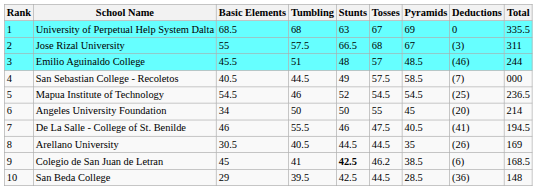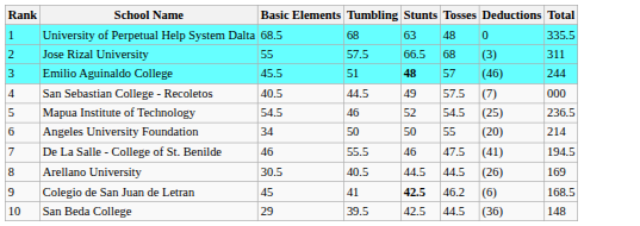 <table class="wikitable" style="text align: center">
 <tr bgcolor="#efefef">
 <th>Rank</th>
 <th>School Name</th>
 <th>Basic Elements</th>
 <th>Tumbling</th>
 <th>Stunts</th>
 <th>Tosses</th>
-<th>Pyramids</th>
 <th>Deductions</th>
 <th>Total</th>
 </tr>
 <tr bgcolor="66FFFF">
 <td>1</td>
 <td>University of Perpetual Help System Dalta</td>
 <td>68.5</td>
 <td>68</td>
 <td>63</td>
-<td>67</td>
-<td>69</td>
+<td>48</td>
 <td>0</td>
 <td>335.5</td>
 </tr>
 <tr bgcolor="66FFFF">
 <td>2</td>
 <td>Jose Rizal University</td>
 <td>55</td>
 <td>57.5</td>
 <td>66.5</td>
 <td>68</td>
-<td>67</td>
 <td>(3)</td>
 <td>311</td>
 </tr>
 <tr bgcolor="66FFFF">
 <td>3</td>
 <td>Emilio Aguinaldo College</td>
 <td>45.5</td>
 <td>51</td>
-<td>48</td>
+<td><strong>48</strong></td>
 <td>57</td>
-<td>48.5</td>
 <td>(46)</td>
 <td>244</td>
 </tr>
 <tr>
 <td>4</td>
 <td>San Sebastian College - Recoletos</td>
 <td>40.5</td>
 <td>44.5</td>
 <td>49</td>
 <td>57.5</td>
-<td>58.5</td>
 <td>(7)</td>
 <td>000</td>
 </tr>
 <tr>
 <td>5</td>
 <td>Mapua Institute of Technology</td>
 <td>54.5</td>
 <td>46</td>
 <td>52</td>
-<td>54.5</td>
 <td>54.5</td>
 <td>(25)</td>
 <td>236.5</td>
 </tr>
 <tr>
 <td>6</td>
 <td>Angeles University Foundation</td>
 <td>34</td>
 <td>50</td>
 <td>50</td>
 <td>55</td>
-<td>45</td>
 <td>(20)</td>
 <td>214</td>
 </tr>
 <tr>
 <td>7</td>
 <td>De La Salle - College of St. Benilde</td>
 <td>46</td>
 <td>55.5</td>
 <td>46</td>
 <td>47.5</td>
-<td>40.5</td>
 <td>(41)</td>
 <td>194.5</td>
 </tr>
 <tr>
 <td>8</td>
 <td>Arellano University</td>
 <td>30.5</td>
 <td>40.5</td>
 <td>44.5</td>
 <td>44.5</td>
-<td>35</td>
 <td>(26)</td>
 <td>169</td>
 </tr>
 <tr>
 <td>9</td>
 <td>Colegio de San Juan de Letran</td>
 <td>45</td>
 <td>41</td>
 <td><strong>42.5</strong></td>
 <td>46.2</td>
-<td>38.5</td>
 <td>(6)</td>
 <td>168.5</td>
 </tr>
 <tr>
 <td>10</td>
 <td>San Beda College</td>
 <td>29</td>
 <td>39.5</td>
 <td>42.5</td>
 <td>44.5</td>
-<td>28.5</td>
 <td>(36)</td>
 <td>148</td>
 </tr>
 </table>
